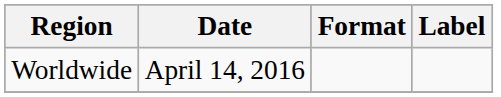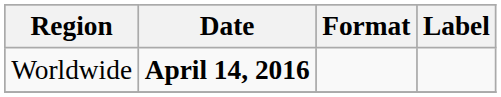 <table class="wikitable">
 <tr>
 <th>Region</th>
 <th>Date</th>
 <th>Format</th>
 <th>Label</th>
 </tr>
 <tr>
 <td>Worldwide</td>
-<td>April 14, 2016</td>
+<td><strong>April 14, 2016</strong></td>
 <td></td>
 <td></td>
 </tr>
 <tr>
 </tr>
 </table>
